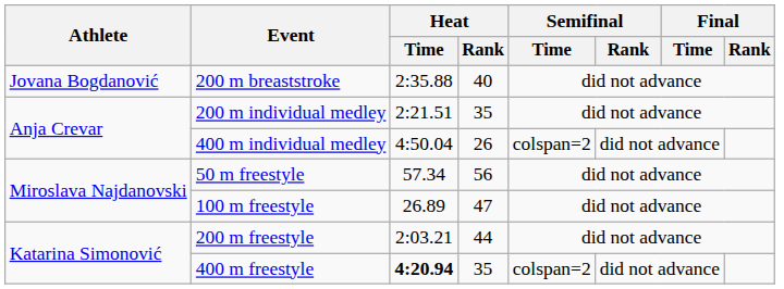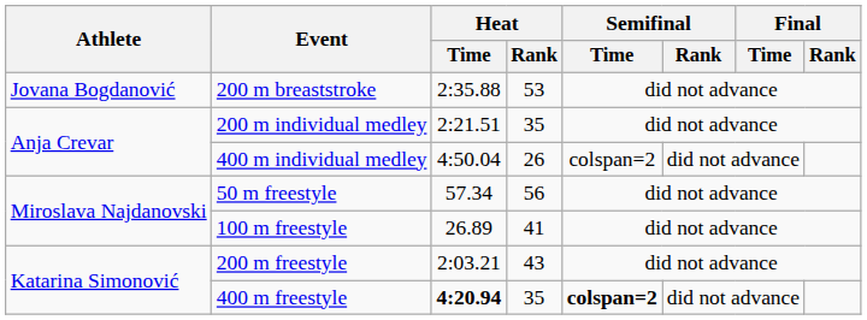 <table class=wikitable style="font-size:90%">
 <tr>
 <th rowspan="2">Athlete</th>
 <th rowspan="2">Event</th>
 <th colspan="2">Heat</th>
 <th colspan="2">Semifinal</th>
 <th colspan="2">Final</th>
 </tr>
 <tr style="font-size:95%">
 <th>Time</th>
 <th>Rank</th>
 <th>Time</th>
 <th>Rank</th>
 <th>Time</th>
 <th>Rank</th>
 </tr>
 <tr align=center>
 <td align=left><a href='#'>Jovana Bogdanović</a></td>
 <td align=left><a href='#'>200 m breaststroke</a></td>
 <td>2:35.88</td>
-<td>40</td>
+<td>53</td>
 <td colspan=4>did not advance</td>
 </tr>
 <tr align=center>
 <td align=left rowspan=2><a href='#'>Anja Crevar</a></td>
 <td align=left><a href='#'>200 m individual medley</a></td>
 <td>2:21.51</td>
 <td>35</td>
 <td colspan=4>did not advance</td>
 </tr>
 <tr align=center>
 <td align=left><a href='#'>400 m individual medley</a></td>
 <td>4:50.04</td>
 <td>26</td>
 <td>colspan=2 </td>
 <td colspan=2>did not advance</td>
 </tr>
 <tr align=center>
 <td align=left rowspan=2><a href='#'>Miroslava Najdanovski</a></td>
 <td align=left><a href='#'>50 m freestyle</a></td>
 <td>57.34</td>
 <td>56</td>
 <td colspan=4>did not advance</td>
 </tr>
 <tr align=center>
 <td align=left><a href='#'>100 m freestyle</a></td>
 <td>26.89</td>
-<td>47</td>
+<td>41</td>
 <td colspan=4>did not advance</td>
 </tr>
 <tr align=center>
 <td align=left rowspan=2><a href='#'>Katarina Simonović</a></td>
 <td align=left><a href='#'>200 m freestyle</a></td>
 <td>2:03.21</td>
-<td>44</td>
+<td>43</td>
 <td colspan=4>did not advance</td>
 </tr>
 <tr align=center>
 <td align=left><a href='#'>400 m freestyle</a></td>
 <td><strong>4:20.94</strong></td>
 <td>35</td>
-<td>colspan=2 </td>
+<td><strong>colspan=2 </strong></td>
 <td colspan=2>did not advance</td>
 </tr>
 </table>
